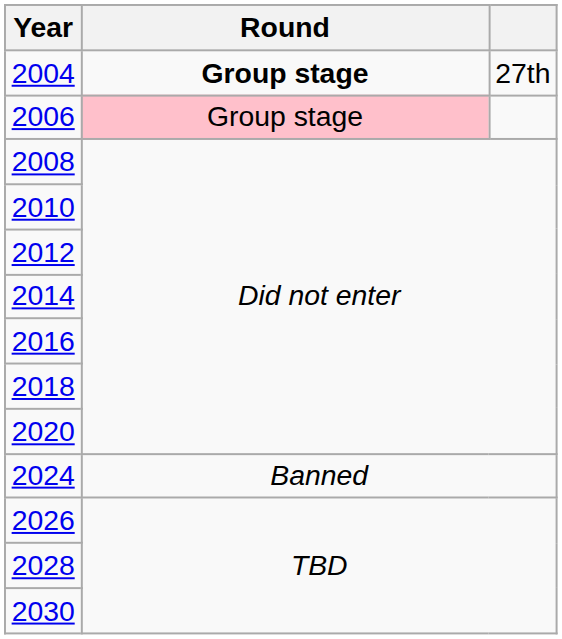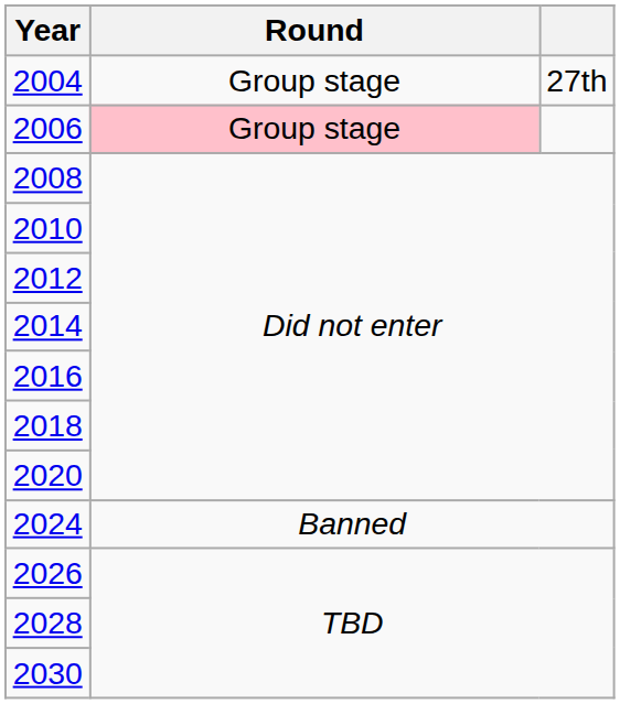 <table class="wikitable" style="text-align: center; font-size:90%">
 <tr>
 <th>Year</th>
 <th style="width:200px">Round</th>
 <th></th>
 </tr>
 <tr>
 <td><a href='#'>2004</a></td>
-<td><strong>Group stage</strong></td>
+<td>Group stage</td>
 <td>27th</td>
 </tr>
 <tr>
 <td><a href='#'>2006</a></td>
 <td style="background: pink;">Group stage</td>
 <td></td>
 </tr>
 <tr>
 <td><a href='#'>2008</a></td>
 <td colspan="2" rowspan="7"><em>Did not enter</em></td>
 </tr>
 <tr>
 <td><a href='#'>2010</a></td>
 </tr>
 <tr>
 <td><a href='#'>2012</a></td>
 </tr>
 <tr>
 <td><a href='#'>2014</a></td>
 </tr>
 <tr>
 <td><a href='#'>2016</a></td>
 </tr>
 <tr>
 <td><a href='#'>2018</a></td>
 </tr>
 <tr>
 <td><a href='#'>2020</a></td>
 </tr>
 <tr>
 <td><a href='#'>2024</a></td>
 <td colspan="2"><em>Banned</em></td>
 </tr>
 <tr>
 <td><a href='#'>2026</a></td>
 <td colspan="2" rowspan="3"><em>TBD</em></td>
 </tr>
 <tr>
 <td><a href='#'>2028</a></td>
 </tr>
 <tr>
 <td><a href='#'>2030</a></td>
 </tr>
 </table>
